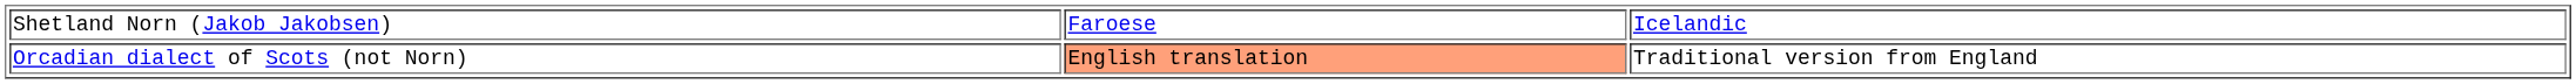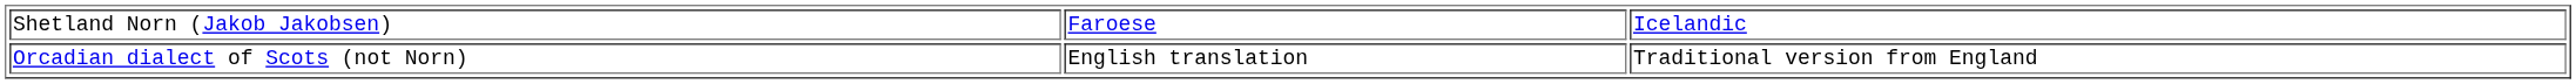 <table style="width:100%;" border="1">
 <tr>
 <td valign="top">Shetland Norn (<a href='#'>Jakob Jakobsen</a>) </td>
 <td valign="top"><a href='#'>Faroese</a> </td>
 <td valign="top"><a href='#'>Icelandic</a> </td>
 </tr>
 <tr>
 <td valign="top"><a href='#'>Orcadian dialect</a> of <a href='#'>Scots</a> (not Norn) </td>
-<td valign="top" style="background: lightsalmon;">English translation<br></td>
+<td valign="top">English translation<br></td>
 <td valign="top">Traditional version from England<br></td>
 </tr>
 </table>
